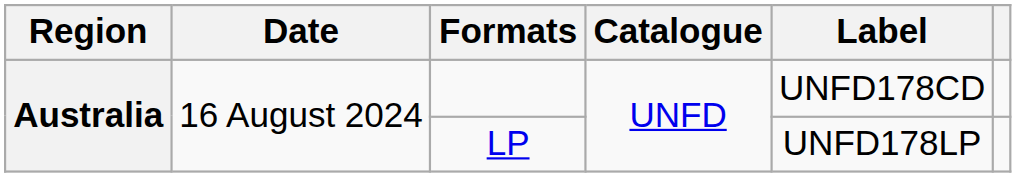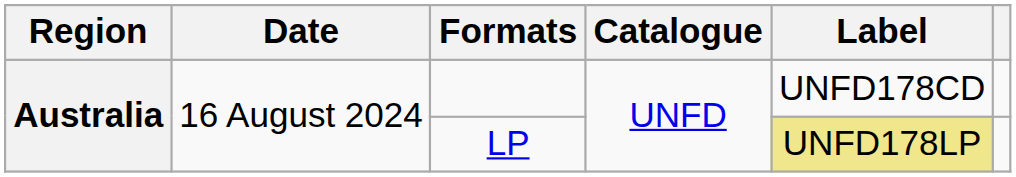 <table class="wikitable plainrowheaders" style="text-align:center;">
 <tr>
 <th>Region</th>
 <th>Date</th>
 <th>Formats</th>
 <th>Catalogue</th>
 <th>Label</th>
 <th></th>
 </tr>
 <tr>
 <th scope="row" rowspan="2">Australia</th>
 <td rowspan="2">16 August 2024</td>
 <td></td>
 <td rowspan="2"><a href='#'>UNFD</a></td>
 <td>UNFD178CD</td>
 <td></td>
 </tr>
 <tr>
 <td><a href='#'>LP</a></td>
-<td>UNFD178LP</td>
+<td style="background: khaki;">UNFD178LP</td>
 <td></td>
 </tr>
 </table>
